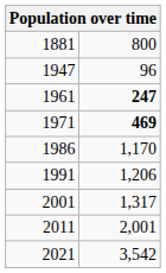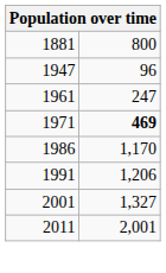 <table class="wikitable" style="float:right; clear: right; margin:7px; text-size:80%; text-align:right">
 <tr>
 <th style="text-align:center;" colspan="2">Population over time</th>
 </tr>
 <tr>
 <td>1881</td>
 <td>800</td>
 </tr>
 <tr>
 <td>1947</td>
 <td>96</td>
 </tr>
 <tr>
 <td>1961</td>
-<td><strong>247</strong></td>
+<td>247</td>
 </tr>
 <tr>
 <td>1971</td>
 <td><strong>469</strong></td>
 </tr>
 <tr>
 <td>1986</td>
 <td>1,170</td>
 </tr>
 <tr>
 <td>1991</td>
 <td>1,206</td>
 </tr>
 <tr>
 <td>2001</td>
-<td>1,317</td>
+<td>1,327</td>
 </tr>
 <tr>
 <td>2011</td>
 <td>2,001</td>
 </tr>
-<tr>
-<td>2021</td>
-<td>3,542</td>
-</tr>
 </table>
